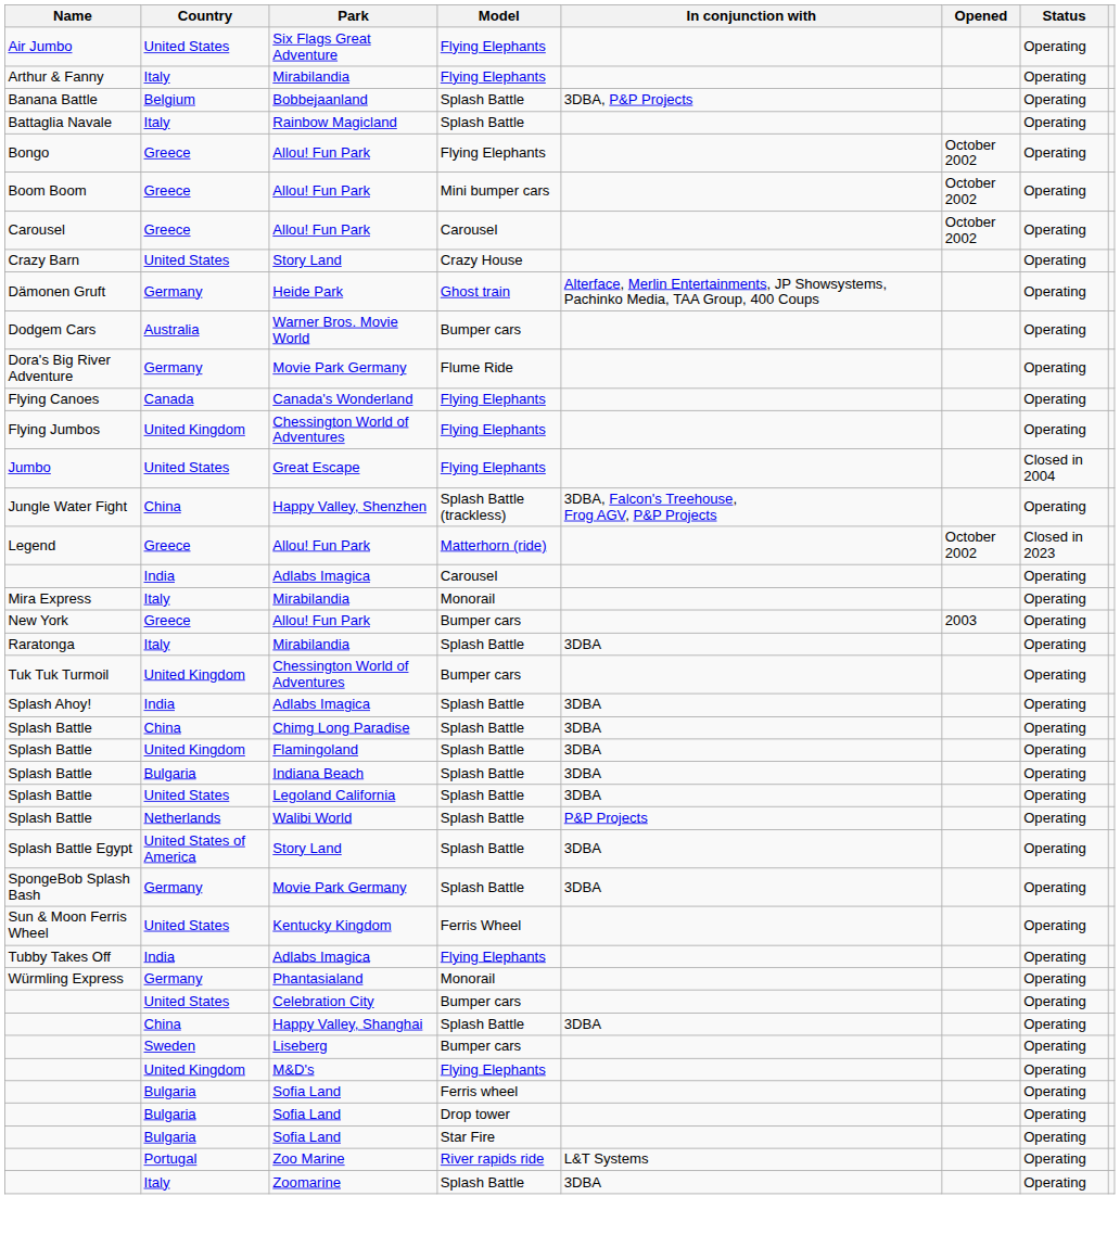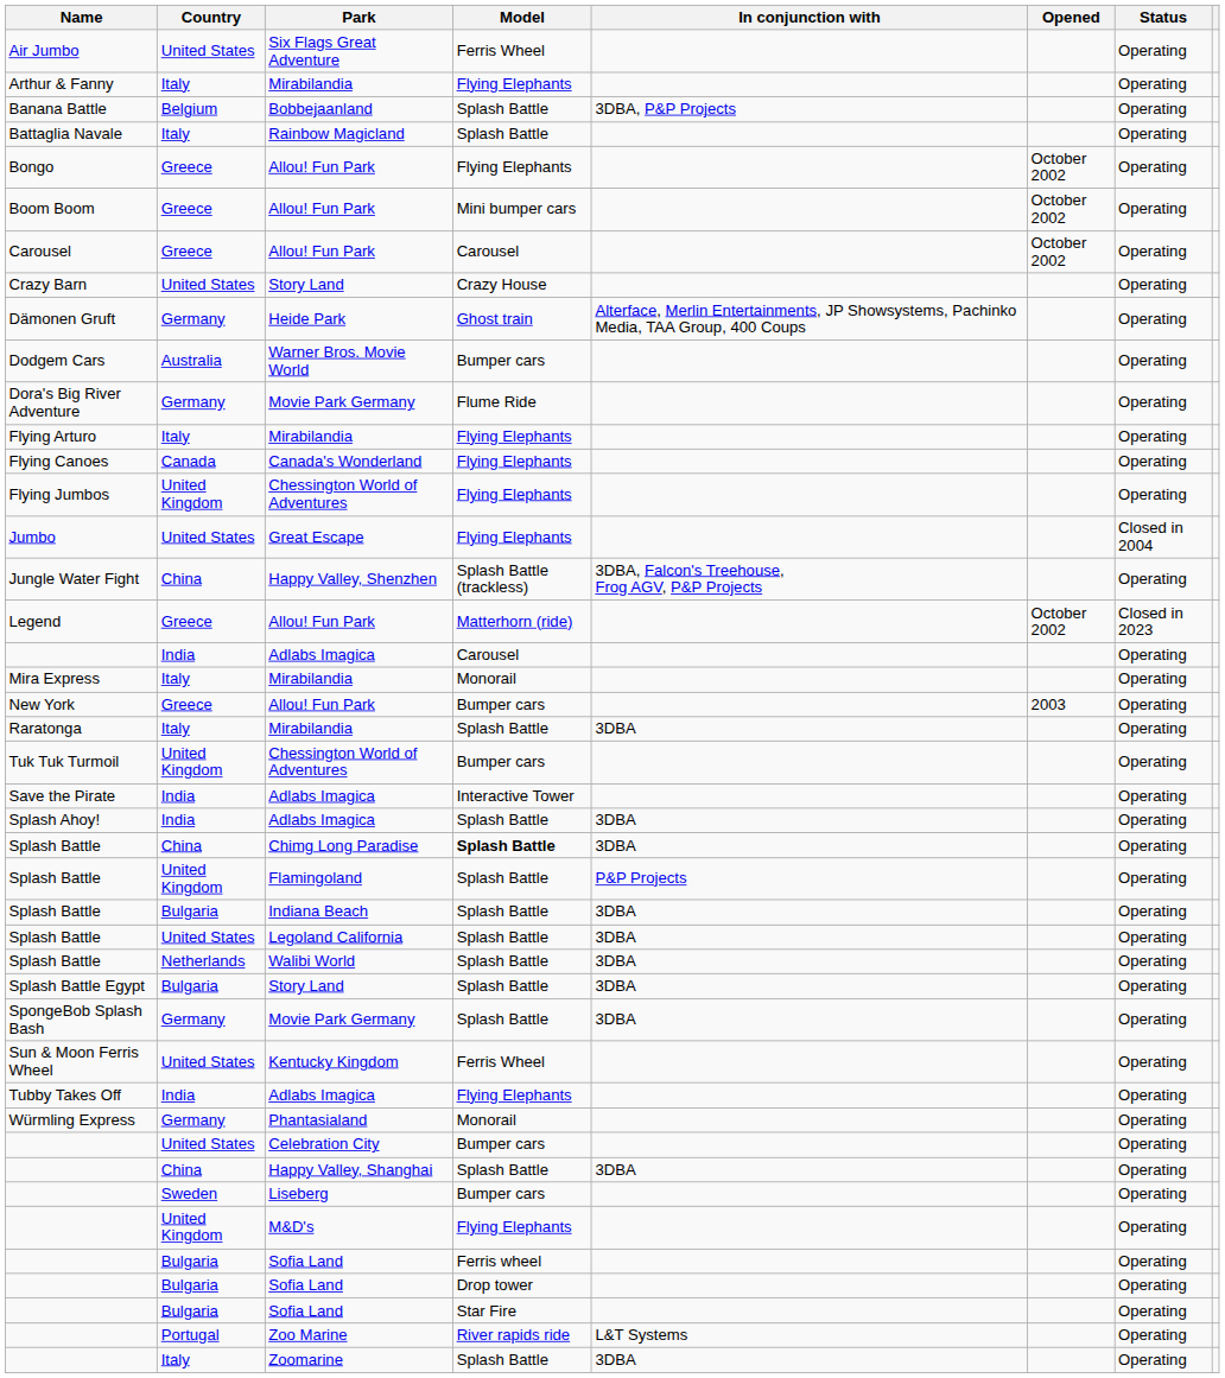 <table class="wikitable sortable">
 <tr>
 <th>Name</th>
 <th>Country</th>
 <th>Park</th>
 <th>Model</th>
 <th>In conjunction with</th>
 <th>Opened</th>
 <th>Status</th>
 <th class="unsortable"></th>
 </tr>
 <tr>
 <td><a href='#'>Air Jumbo</a></td>
 <td> <a href='#'>United States</a></td>
 <td><a href='#'>Six Flags Great Adventure</a></td>
-<td><a href='#'>Flying Elephants</a></td>
+<td>Ferris Wheel</td>
 <td></td>
 <td></td>
 <td>Operating</td>
 <td></td>
 </tr>
 <tr>
 <td>Arthur & Fanny</td>
 <td> <a href='#'>Italy</a></td>
 <td><a href='#'>Mirabilandia</a></td>
 <td><a href='#'>Flying Elephants</a></td>
 <td></td>
 <td></td>
 <td>Operating</td>
 <td></td>
 </tr>
 <tr>
 <td>Banana Battle</td>
 <td> <a href='#'>Belgium</a></td>
 <td><a href='#'>Bobbejaanland</a></td>
 <td>Splash Battle</td>
 <td>3DBA, <a href='#'>P&P Projects</a></td>
 <td></td>
 <td>Operating</td>
 <td></td>
 </tr>
 <tr>
 <td>Battaglia Navale</td>
 <td> <a href='#'>Italy</a></td>
 <td><a href='#'>Rainbow Magicland</a></td>
 <td>Splash Battle</td>
 <td></td>
 <td></td>
 <td>Operating</td>
 <td></td>
 </tr>
 <tr>
 <td>Bongo</td>
 <td> <a href='#'>Greece</a></td>
 <td><a href='#'>Allou! Fun Park</a></td>
 <td>Flying Elephants</td>
 <td></td>
 <td>October 2002</td>
 <td>Operating</td>
 <td></td>
 </tr>
 <tr>
 <td>Boom Boom</td>
 <td> <a href='#'>Greece</a></td>
 <td><a href='#'>Allou! Fun Park</a></td>
 <td>Mini bumper cars</td>
 <td></td>
 <td>October 2002</td>
 <td>Operating</td>
 <td></td>
 </tr>
 <tr>
 <td>Carousel</td>
 <td> <a href='#'>Greece</a></td>
 <td><a href='#'>Allou! Fun Park</a></td>
 <td>Carousel</td>
 <td></td>
 <td>October 2002</td>
 <td>Operating</td>
 <td></td>
 </tr>
 <tr>
 <td>Crazy Barn</td>
 <td> <a href='#'>United States</a></td>
 <td><a href='#'>Story Land</a></td>
 <td>Crazy House</td>
 <td></td>
 <td></td>
 <td>Operating</td>
 <td></td>
 </tr>
 <tr>
 <td>Dämonen Gruft</td>
 <td> <a href='#'>Germany</a></td>
 <td><a href='#'>Heide Park</a></td>
 <td><a href='#'>Ghost train</a></td>
 <td><a href='#'>Alterface</a>, <a href='#'>Merlin Entertainments</a>, JP Showsystems, Pachinko Media, TAA Group, 400 Coups</td>
 <td></td>
 <td>Operating</td>
 <td></td>
 </tr>
 <tr>
 <td>Dodgem Cars</td>
 <td> <a href='#'>Australia</a></td>
 <td><a href='#'>Warner Bros. Movie World</a></td>
 <td>Bumper cars</td>
 <td></td>
 <td></td>
 <td>Operating</td>
 <td></td>
 </tr>
 <tr>
 <td>Dora's Big River Adventure</td>
 <td> <a href='#'>Germany</a></td>
 <td><a href='#'>Movie Park Germany</a></td>
 <td>Flume Ride</td>
 <td></td>
 <td></td>
 <td>Operating</td>
 <td></td>
 </tr>
 <tr>
+<td>Flying Arturo</td>
+<td> <a href='#'>Italy</a></td>
+<td><a href='#'>Mirabilandia</a></td>
+<td><a href='#'>Flying Elephants</a></td>
+<td></td>
+<td></td>
+<td>Operating</td>
+<td></td>
+</tr>
+<tr>
 <td>Flying Canoes</td>
 <td> <a href='#'>Canada</a></td>
 <td><a href='#'>Canada's Wonderland</a></td>
 <td><a href='#'>Flying Elephants</a></td>
 <td></td>
 <td></td>
 <td>Operating</td>
 <td></td>
 </tr>
 <tr>
 <td>Flying Jumbos</td>
 <td> <a href='#'>United Kingdom</a></td>
 <td><a href='#'>Chessington World of Adventures</a></td>
 <td><a href='#'>Flying Elephants</a></td>
 <td></td>
 <td></td>
 <td>Operating</td>
 <td></td>
 </tr>
 <tr>
 <td><a href='#'>Jumbo</a></td>
 <td> <a href='#'>United States</a></td>
 <td><a href='#'>Great Escape</a></td>
 <td><a href='#'>Flying Elephants</a></td>
 <td></td>
 <td></td>
 <td>Closed in 2004</td>
 <td></td>
 </tr>
 <tr>
 <td>Jungle Water Fight</td>
 <td> <a href='#'>China</a></td>
 <td><a href='#'>Happy Valley, Shenzhen</a></td>
 <td>Splash Battle (trackless)</td>
 <td>3DBA, <a href='#'>Falcon's Treehouse</a>,<br><a href='#'>Frog AGV</a>, <a href='#'>P&P Projects</a></td>
 <td></td>
 <td>Operating</td>
 <td></td>
 </tr>
 <tr>
 <td>Legend</td>
 <td> <a href='#'>Greece</a></td>
 <td><a href='#'>Allou! Fun Park</a></td>
 <td><a href='#'>Matterhorn (ride)</a></td>
 <td></td>
 <td>October 2002</td>
 <td>Closed in 2023</td>
 <td></td>
 </tr>
 <tr>
 <td></td>
 <td> <a href='#'>India</a></td>
 <td><a href='#'>Adlabs Imagica</a></td>
 <td>Carousel</td>
 <td></td>
 <td></td>
 <td>Operating</td>
 <td></td>
 </tr>
 <tr>
 <td>Mira Express</td>
 <td> <a href='#'>Italy</a></td>
 <td><a href='#'>Mirabilandia</a></td>
 <td>Monorail</td>
 <td></td>
 <td></td>
 <td>Operating</td>
 <td></td>
 </tr>
 <tr>
 <td>New York</td>
 <td> <a href='#'>Greece</a></td>
 <td><a href='#'>Allou! Fun Park</a></td>
 <td>Bumper cars</td>
 <td></td>
 <td>2003</td>
 <td>Operating</td>
 <td></td>
 </tr>
 <tr>
 <td>Raratonga</td>
 <td> <a href='#'>Italy</a></td>
 <td><a href='#'>Mirabilandia</a></td>
 <td>Splash Battle</td>
 <td>3DBA</td>
 <td></td>
 <td>Operating</td>
 <td></td>
 </tr>
 <tr>
 <td>Tuk Tuk Turmoil</td>
 <td> <a href='#'>United Kingdom</a></td>
 <td><a href='#'>Chessington World of Adventures</a></td>
 <td>Bumper cars</td>
 <td></td>
 <td></td>
 <td>Operating</td>
 <td></td>
 </tr>
 <tr>
+<td>Save the Pirate</td>
+<td> <a href='#'>India</a></td>
+<td><a href='#'>Adlabs Imagica</a></td>
+<td>Interactive Tower</td>
+<td></td>
+<td></td>
+<td>Operating</td>
+<td></td>
+</tr>
+<tr>
 <td>Splash Ahoy!</td>
 <td> <a href='#'>India</a></td>
 <td><a href='#'>Adlabs Imagica</a></td>
 <td>Splash Battle</td>
 <td>3DBA</td>
 <td></td>
 <td>Operating</td>
 <td></td>
 </tr>
 <tr>
 <td>Splash Battle</td>
 <td> <a href='#'>China</a></td>
 <td><a href='#'>Chimg Long Paradise</a></td>
-<td>Splash Battle</td>
+<td><strong>Splash Battle</strong></td>
 <td>3DBA</td>
 <td></td>
 <td>Operating</td>
 <td></td>
 </tr>
 <tr>
 <td>Splash Battle</td>
 <td> <a href='#'>United Kingdom</a></td>
 <td><a href='#'>Flamingoland</a></td>
 <td>Splash Battle</td>
-<td>3DBA</td>
+<td><a href='#'>P&P Projects</a></td>
 <td></td>
 <td>Operating</td>
 <td></td>
 </tr>
 <tr>
 <td>Splash Battle</td>
 <td> <a href='#'>Bulgaria</a></td>
 <td><a href='#'>Indiana Beach</a></td>
 <td>Splash Battle</td>
 <td>3DBA</td>
 <td></td>
 <td>Operating</td>
 <td></td>
 </tr>
 <tr>
 <td>Splash Battle</td>
 <td> <a href='#'>United States</a></td>
 <td><a href='#'>Legoland California</a></td>
 <td>Splash Battle</td>
 <td>3DBA</td>
 <td></td>
 <td>Operating</td>
 <td></td>
 </tr>
 <tr>
 <td>Splash Battle</td>
 <td> <a href='#'>Netherlands</a></td>
 <td><a href='#'>Walibi World</a></td>
 <td>Splash Battle</td>
-<td><a href='#'>P&P Projects</a></td>
+<td>3DBA</td>
 <td></td>
 <td>Operating</td>
 <td></td>
 </tr>
 <tr>
 <td>Splash Battle Egypt</td>
-<td> <a href='#'>United States of America</a></td>
+<td> <a href='#'>Bulgaria</a></td>
 <td><a href='#'>Story Land</a></td>
 <td>Splash Battle</td>
 <td>3DBA</td>
 <td></td>
 <td>Operating</td>
 <td></td>
 </tr>
 <tr>
 <td>SpongeBob Splash Bash</td>
 <td> <a href='#'>Germany</a></td>
 <td><a href='#'>Movie Park Germany</a></td>
 <td>Splash Battle</td>
 <td>3DBA</td>
 <td></td>
 <td>Operating</td>
 <td></td>
 </tr>
 <tr>
 <td>Sun & Moon Ferris Wheel</td>
 <td> <a href='#'>United States</a></td>
 <td><a href='#'>Kentucky Kingdom</a></td>
 <td>Ferris Wheel</td>
 <td></td>
 <td></td>
 <td>Operating</td>
 <td></td>
 </tr>
 <tr>
 <td>Tubby Takes Off</td>
 <td> <a href='#'>India</a></td>
 <td><a href='#'>Adlabs Imagica</a></td>
 <td><a href='#'>Flying Elephants</a></td>
 <td></td>
 <td></td>
 <td>Operating</td>
 <td></td>
 </tr>
 <tr>
 <td>Würmling Express</td>
 <td> <a href='#'>Germany</a></td>
 <td><a href='#'>Phantasialand</a></td>
 <td>Monorail</td>
 <td></td>
 <td></td>
 <td>Operating</td>
 <td></td>
 </tr>
 <tr>
 <td></td>
 <td> <a href='#'>United States</a></td>
 <td><a href='#'>Celebration City</a></td>
 <td>Bumper cars</td>
 <td></td>
 <td></td>
 <td>Operating</td>
 <td></td>
 </tr>
 <tr>
 <td></td>
 <td> <a href='#'>China</a></td>
 <td><a href='#'>Happy Valley, Shanghai</a></td>
 <td>Splash Battle</td>
 <td>3DBA</td>
 <td></td>
 <td>Operating</td>
 <td></td>
 </tr>
 <tr>
 <td></td>
 <td> <a href='#'>Sweden</a></td>
 <td><a href='#'>Liseberg</a></td>
 <td>Bumper cars</td>
 <td></td>
 <td></td>
 <td>Operating</td>
 <td></td>
 </tr>
 <tr>
 <td></td>
 <td> <a href='#'>United Kingdom</a></td>
 <td><a href='#'>M&D's</a></td>
 <td><a href='#'>Flying Elephants</a></td>
 <td></td>
 <td></td>
 <td>Operating</td>
 <td></td>
 </tr>
 <tr>
 <td></td>
 <td> <a href='#'>Bulgaria</a></td>
 <td><a href='#'>Sofia Land</a></td>
 <td>Ferris wheel</td>
 <td></td>
 <td></td>
 <td>Operating</td>
 <td></td>
 </tr>
 <tr>
 <td></td>
 <td> <a href='#'>Bulgaria</a></td>
 <td><a href='#'>Sofia Land</a></td>
 <td>Drop tower</td>
 <td></td>
 <td></td>
 <td>Operating</td>
 <td></td>
 </tr>
 <tr>
 <td></td>
 <td> <a href='#'>Bulgaria</a></td>
 <td><a href='#'>Sofia Land</a></td>
 <td>Star Fire</td>
 <td></td>
 <td></td>
 <td>Operating</td>
 <td></td>
 </tr>
 <tr>
 <td></td>
 <td> <a href='#'>Portugal</a></td>
 <td><a href='#'>Zoo Marine</a></td>
 <td><a href='#'>River rapids ride</a></td>
 <td>L&T Systems</td>
 <td></td>
 <td>Operating</td>
 <td></td>
 </tr>
 <tr>
 <td></td>
 <td> <a href='#'>Italy</a></td>
 <td><a href='#'>Zoomarine</a></td>
 <td>Splash Battle</td>
 <td>3DBA</td>
 <td></td>
 <td>Operating</td>
 <td></td>
 </tr>
 </table>
